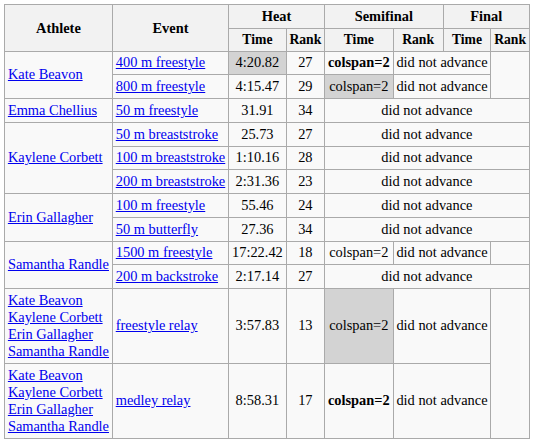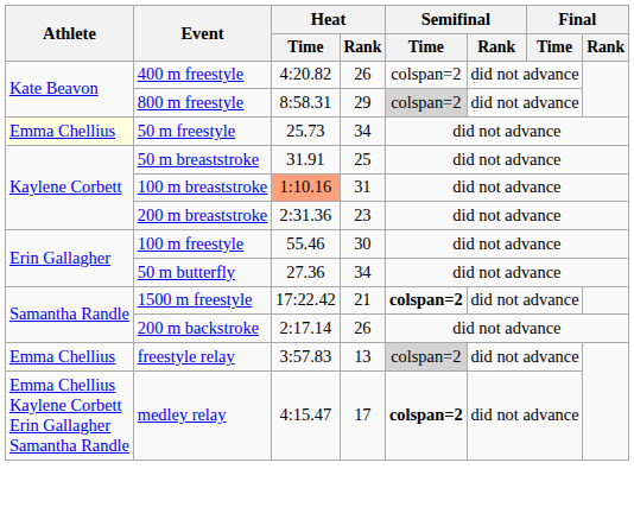 <table class=wikitable style="font-size:90%">
 <tr>
 <th rowspan="2">Athlete</th>
 <th rowspan="2">Event</th>
 <th colspan="2">Heat</th>
 <th colspan="2">Semifinal</th>
 <th colspan="2">Final</th>
 </tr>
 <tr style="font-size:95%">
 <th>Time</th>
 <th>Rank</th>
 <th>Time</th>
 <th>Rank</th>
 <th>Time</th>
 <th>Rank</th>
 </tr>
 <tr align=center>
 <td align=left rowspan=2><a href='#'>Kate Beavon</a></td>
 <td align=left><a href='#'>400 m freestyle</a></td>
-<td style="background: lightgrey;">4:20.82</td>
-<td>27</td>
-<td><strong>colspan=2 </strong></td>
+<td>4:20.82</td>
+<td>26</td>
+<td>colspan=2 </td>
 <td colspan=2>did not advance</td>
 </tr>
 <tr align=center>
 <td align=left><a href='#'>800 m freestyle</a></td>
-<td>4:15.47</td>
+<td>8:58.31</td>
 <td>29</td>
 <td style="background: lightgrey;">colspan=2 </td>
 <td colspan=2>did not advance</td>
 </tr>
 <tr align=center>
-<td align=left><a href='#'>Emma Chellius</a></td>
+<td align=left style="background: lightyellow;"><a href='#'>Emma Chellius</a></td>
 <td align=left><a href='#'>50 m freestyle</a></td>
-<td>31.91</td>
+<td>25.73</td>
 <td>34</td>
 <td colspan=4>did not advance</td>
 </tr>
 <tr align=center>
 <td align=left rowspan=3><a href='#'>Kaylene Corbett</a></td>
 <td align=left><a href='#'>50 m breaststroke</a></td>
-<td>25.73</td>
-<td>27</td>
+<td>31.91</td>
+<td>25</td>
 <td colspan=4>did not advance</td>
 </tr>
 <tr align=center>
 <td align=left><a href='#'>100 m breaststroke</a></td>
-<td>1:10.16</td>
-<td>28</td>
+<td style="background: lightsalmon;">1:10.16</td>
+<td>31</td>
 <td colspan=4>did not advance</td>
 </tr>
 <tr align=center>
 <td align=left><a href='#'>200 m breaststroke</a></td>
 <td>2:31.36</td>
 <td>23</td>
 <td colspan=4>did not advance</td>
 </tr>
 <tr align=center>
 <td align=left rowspan=2><a href='#'>Erin Gallagher</a></td>
 <td align=left><a href='#'>100 m freestyle</a></td>
 <td>55.46</td>
-<td>24</td>
+<td>30</td>
 <td colspan=4>did not advance</td>
 </tr>
 <tr align=center>
 <td align=left><a href='#'>50 m butterfly</a></td>
 <td>27.36</td>
 <td>34</td>
 <td colspan=4>did not advance</td>
 </tr>
 <tr align=center>
 <td align=left rowspan=2><a href='#'>Samantha Randle</a></td>
 <td align=left><a href='#'>1500 m freestyle</a></td>
 <td>17:22.42</td>
-<td>18</td>
-<td>colspan=2 </td>
+<td>21</td>
+<td><strong>colspan=2 </strong></td>
 <td colspan=2>did not advance</td>
 </tr>
 <tr align=center>
 <td align=left><a href='#'>200 m backstroke</a></td>
 <td>2:17.14</td>
-<td>27</td>
+<td>26</td>
 <td colspan=4>did not advance</td>
 </tr>
 <tr align=center>
-<td align=left><a href='#'>Kate Beavon</a><br><a href='#'>Kaylene Corbett</a><br><a href='#'>Erin Gallagher</a><br><a href='#'>Samantha Randle</a></td>
+<td align=left><a href='#'>Emma Chellius</a></td>
 <td align=left><a href='#'> freestyle relay</a></td>
 <td>3:57.83</td>
 <td>13</td>
 <td style="background: lightgrey;">colspan=2 </td>
 <td colspan=2>did not advance</td>
 </tr>
 <tr align=center>
-<td align=left><a href='#'>Kate Beavon</a><br><a href='#'>Kaylene Corbett</a><br><a href='#'>Erin Gallagher</a><br><a href='#'>Samantha Randle</a></td>
+<td align=left><a href='#'>Emma Chellius</a><br><a href='#'>Kaylene Corbett</a><br><a href='#'>Erin Gallagher</a><br><a href='#'>Samantha Randle</a></td>
 <td align=left><a href='#'> medley relay</a></td>
-<td>8:58.31</td>
+<td>4:15.47</td>
 <td>17</td>
 <td><strong>colspan=2 </strong></td>
 <td colspan=2>did not advance</td>
 </tr>
 </table>
